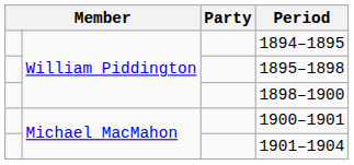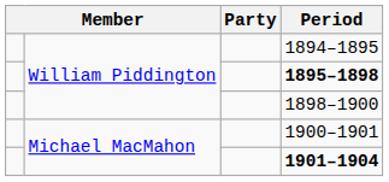 <table class="wikitable">
 <tr>
 <th colspan="2">Member</th>
 <th>Party</th>
 <th>Period</th>
 </tr>
 <tr>
 <td> </td>
 <td rowspan="3"><a href='#'>William Piddington</a></td>
 <td></td>
 <td>1894–1895</td>
 </tr>
 <tr>
 <td> </td>
 <td></td>
-<td>1895–1898</td>
+<td><strong>1895–1898</strong></td>
 </tr>
 <tr>
 <td> </td>
 <td></td>
 <td>1898–1900</td>
 </tr>
 <tr>
 <td> </td>
 <td rowspan="2"><a href='#'>Michael MacMahon</a></td>
 <td></td>
 <td>1900–1901</td>
 </tr>
 <tr>
 <td> </td>
 <td></td>
-<td>1901–1904</td>
+<td><strong>1901–1904</strong></td>
 </tr>
 </table>
